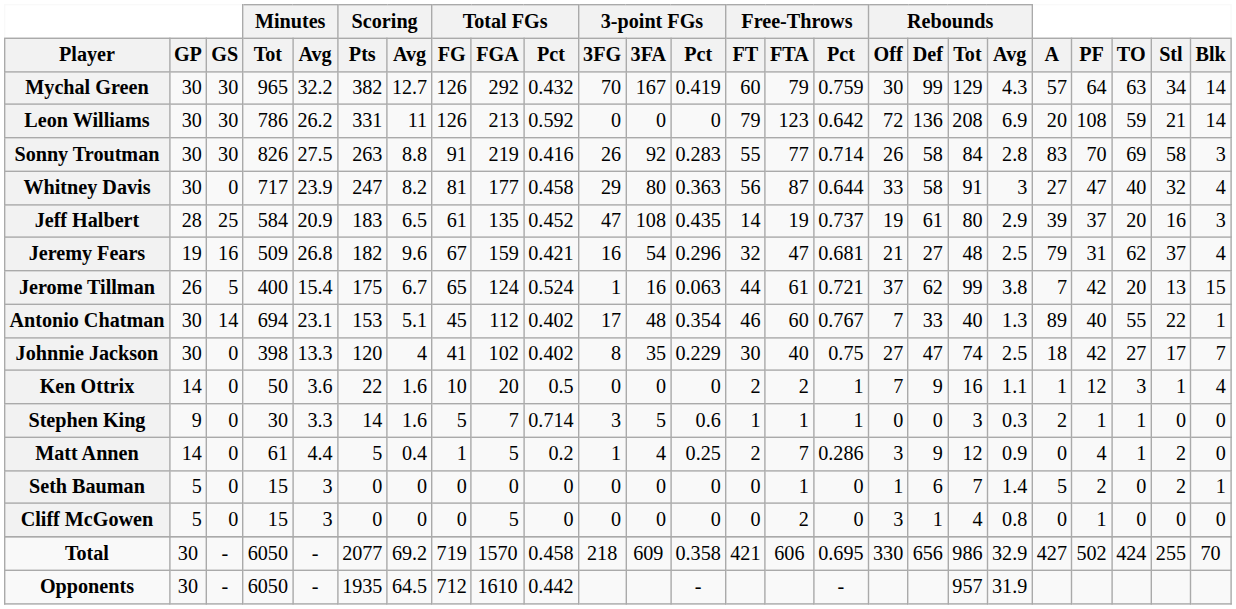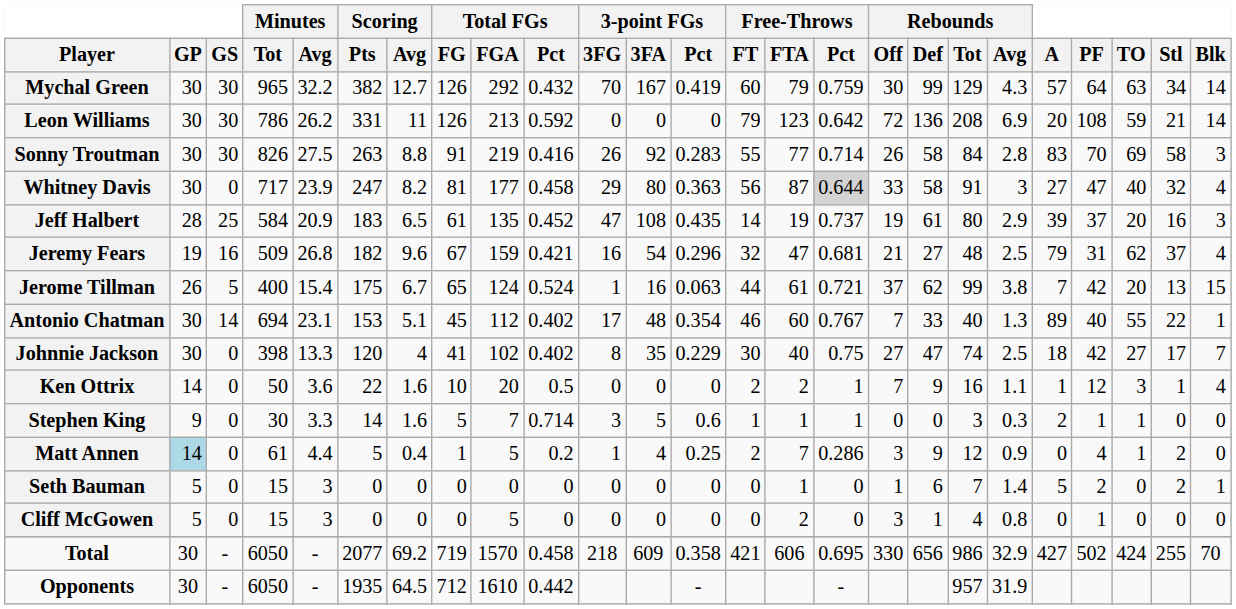 <table class="wikitable sortable" border="1" style="font-size:90%;">
 <tr>
 <th colspan="3" style="border-top-style:hidden; border-left-style:hidden; background: white;"></th>
 <th colspan="2" style=>Minutes</th>
 <th colspan="2" style=>Scoring</th>
 <th colspan="3" style=>Total FGs</th>
 <th colspan="3" style=>3-point FGs</th>
 <th colspan="3" style=>Free-Throws</th>
 <th colspan="4" style=>Rebounds</th>
 <th colspan="5" style="border-top-style:hidden; border-right-style:hidden; background: white;"></th>
 </tr>
 <tr>
 <th scope="col" style=>Player</th>
 <th scope="col" style=>GP</th>
 <th scope="col" style=>GS</th>
 <th scope="col" style=>Tot</th>
 <th scope="col" style=>Avg</th>
 <th scope="col" style=>Pts</th>
 <th scope="col" style=>Avg</th>
 <th scope="col" style=>FG</th>
 <th scope="col" style=>FGA</th>
 <th scope="col" style=>Pct</th>
 <th scope="col" style=>3FG</th>
 <th scope="col" style=>3FA</th>
 <th scope="col" style=>Pct</th>
 <th scope="col" style=>FT</th>
 <th scope="col" style=>FTA</th>
 <th scope="col" style=>Pct</th>
 <th scope="col" style=>Off</th>
 <th scope="col" style=>Def</th>
 <th scope="col" style=>Tot</th>
 <th scope="col" style=>Avg</th>
 <th scope="col" style=>A</th>
 <th scope="col" style=>PF</th>
 <th scope="col" style=>TO</th>
 <th scope="col" style=>Stl</th>
 <th scope="col" style=>Blk</th>
 </tr>
 <tr>
 <th>Mychal Green</th>
 <td align="right">30</td>
 <td align="right">30</td>
 <td align="right">965</td>
 <td align="right">32.2</td>
 <td align="right">382</td>
 <td align="right">12.7</td>
 <td align="right">126</td>
 <td align="right">292</td>
 <td align="right">0.432</td>
 <td align="right">70</td>
 <td align="right">167</td>
 <td align="right">0.419</td>
 <td align="right">60</td>
 <td align="right">79</td>
 <td align="right">0.759</td>
 <td align="right">30</td>
 <td align="right">99</td>
 <td align="right">129</td>
 <td align="right">4.3</td>
 <td align="right">57</td>
 <td align="right">64</td>
 <td align="right">63</td>
 <td align="right">34</td>
 <td align="right">14</td>
 </tr>
 <tr>
 <th>Leon Williams</th>
 <td align="right">30</td>
 <td align="right">30</td>
 <td align="right">786</td>
 <td align="right">26.2</td>
 <td align="right">331</td>
 <td align="right">11</td>
 <td align="right">126</td>
 <td align="right">213</td>
 <td align="right">0.592</td>
 <td align="right">0</td>
 <td align="right">0</td>
 <td align="right">0</td>
 <td align="right">79</td>
 <td align="right">123</td>
 <td align="right">0.642</td>
 <td align="right">72</td>
 <td align="right">136</td>
 <td align="right">208</td>
 <td align="right">6.9</td>
 <td align="right">20</td>
 <td align="right">108</td>
 <td align="right">59</td>
 <td align="right">21</td>
 <td align="right">14</td>
 </tr>
 <tr>
 <th>Sonny Troutman</th>
 <td align="right">30</td>
 <td align="right">30</td>
 <td align="right">826</td>
 <td align="right">27.5</td>
 <td align="right">263</td>
 <td align="right">8.8</td>
 <td align="right">91</td>
 <td align="right">219</td>
 <td align="right">0.416</td>
 <td align="right">26</td>
 <td align="right">92</td>
 <td align="right">0.283</td>
 <td align="right">55</td>
 <td align="right">77</td>
 <td align="right">0.714</td>
 <td align="right">26</td>
 <td align="right">58</td>
 <td align="right">84</td>
 <td align="right">2.8</td>
 <td align="right">83</td>
 <td align="right">70</td>
 <td align="right">69</td>
 <td align="right">58</td>
 <td align="right">3</td>
 </tr>
 <tr>
 <th>Whitney Davis</th>
 <td align="right">30</td>
 <td align="right">0</td>
 <td align="right">717</td>
 <td align="right">23.9</td>
 <td align="right">247</td>
 <td align="right">8.2</td>
 <td align="right">81</td>
 <td align="right">177</td>
 <td align="right">0.458</td>
 <td align="right">29</td>
 <td align="right">80</td>
 <td align="right">0.363</td>
 <td align="right">56</td>
 <td align="right">87</td>
-<td align="right">0.644</td>
+<td align="right" style="background: lightgrey;">0.644</td>
 <td align="right">33</td>
 <td align="right">58</td>
 <td align="right">91</td>
 <td align="right">3</td>
 <td align="right">27</td>
 <td align="right">47</td>
 <td align="right">40</td>
 <td align="right">32</td>
 <td align="right">4</td>
 </tr>
 <tr>
 <th>Jeff Halbert</th>
 <td align="right">28</td>
 <td align="right">25</td>
 <td align="right">584</td>
 <td align="right">20.9</td>
 <td align="right">183</td>
 <td align="right">6.5</td>
 <td align="right">61</td>
 <td align="right">135</td>
 <td align="right">0.452</td>
 <td align="right">47</td>
 <td align="right">108</td>
 <td align="right">0.435</td>
 <td align="right">14</td>
 <td align="right">19</td>
 <td align="right">0.737</td>
 <td align="right">19</td>
 <td align="right">61</td>
 <td align="right">80</td>
 <td align="right">2.9</td>
 <td align="right">39</td>
 <td align="right">37</td>
 <td align="right">20</td>
 <td align="right">16</td>
 <td align="right">3</td>
 </tr>
 <tr>
 <th>Jeremy Fears</th>
 <td align="right">19</td>
 <td align="right">16</td>
 <td align="right">509</td>
 <td align="right">26.8</td>
 <td align="right">182</td>
 <td align="right">9.6</td>
 <td align="right">67</td>
 <td align="right">159</td>
 <td align="right">0.421</td>
 <td align="right">16</td>
 <td align="right">54</td>
 <td align="right">0.296</td>
 <td align="right">32</td>
 <td align="right">47</td>
 <td align="right">0.681</td>
 <td align="right">21</td>
 <td align="right">27</td>
 <td align="right">48</td>
 <td align="right">2.5</td>
 <td align="right">79</td>
 <td align="right">31</td>
 <td align="right">62</td>
 <td align="right">37</td>
 <td align="right">4</td>
 </tr>
 <tr>
 <th>Jerome Tillman</th>
 <td align="right">26</td>
 <td align="right">5</td>
 <td align="right">400</td>
 <td align="right">15.4</td>
 <td align="right">175</td>
 <td align="right">6.7</td>
 <td align="right">65</td>
 <td align="right">124</td>
 <td align="right">0.524</td>
 <td align="right">1</td>
 <td align="right">16</td>
 <td align="right">0.063</td>
 <td align="right">44</td>
 <td align="right">61</td>
 <td align="right">0.721</td>
 <td align="right">37</td>
 <td align="right">62</td>
 <td align="right">99</td>
 <td align="right">3.8</td>
 <td align="right">7</td>
 <td align="right">42</td>
 <td align="right">20</td>
 <td align="right">13</td>
 <td align="right">15</td>
 </tr>
 <tr>
 <th>Antonio Chatman</th>
 <td align="right">30</td>
 <td align="right">14</td>
 <td align="right">694</td>
 <td align="right">23.1</td>
 <td align="right">153</td>
 <td align="right">5.1</td>
 <td align="right">45</td>
 <td align="right">112</td>
 <td align="right">0.402</td>
 <td align="right">17</td>
 <td align="right">48</td>
 <td align="right">0.354</td>
 <td align="right">46</td>
 <td align="right">60</td>
 <td align="right">0.767</td>
 <td align="right">7</td>
 <td align="right">33</td>
 <td align="right">40</td>
 <td align="right">1.3</td>
 <td align="right">89</td>
 <td align="right">40</td>
 <td align="right">55</td>
 <td align="right">22</td>
 <td align="right">1</td>
 </tr>
 <tr>
 <th>Johnnie Jackson</th>
 <td align="right">30</td>
 <td align="right">0</td>
 <td align="right">398</td>
 <td align="right">13.3</td>
 <td align="right">120</td>
 <td align="right">4</td>
 <td align="right">41</td>
 <td align="right">102</td>
 <td align="right">0.402</td>
 <td align="right">8</td>
 <td align="right">35</td>
 <td align="right">0.229</td>
 <td align="right">30</td>
 <td align="right">40</td>
 <td align="right">0.75</td>
 <td align="right">27</td>
 <td align="right">47</td>
 <td align="right">74</td>
 <td align="right">2.5</td>
 <td align="right">18</td>
 <td align="right">42</td>
 <td align="right">27</td>
 <td align="right">17</td>
 <td align="right">7</td>
 </tr>
 <tr>
 <th>Ken Ottrix</th>
 <td align="right">14</td>
 <td align="right">0</td>
 <td align="right">50</td>
 <td align="right">3.6</td>
 <td align="right">22</td>
 <td align="right">1.6</td>
 <td align="right">10</td>
 <td align="right">20</td>
 <td align="right">0.5</td>
 <td align="right">0</td>
 <td align="right">0</td>
 <td align="right">0</td>
 <td align="right">2</td>
 <td align="right">2</td>
 <td align="right">1</td>
 <td align="right">7</td>
 <td align="right">9</td>
 <td align="right">16</td>
 <td align="right">1.1</td>
 <td align="right">1</td>
 <td align="right">12</td>
 <td align="right">3</td>
 <td align="right">1</td>
 <td align="right">4</td>
 </tr>
 <tr>
 <th>Stephen King</th>
 <td align="right">9</td>
 <td align="right">0</td>
 <td align="right">30</td>
 <td align="right">3.3</td>
 <td align="right">14</td>
 <td align="right">1.6</td>
 <td align="right">5</td>
 <td align="right">7</td>
 <td align="right">0.714</td>
 <td align="right">3</td>
 <td align="right">5</td>
 <td align="right">0.6</td>
 <td align="right">1</td>
 <td align="right">1</td>
 <td align="right">1</td>
 <td align="right">0</td>
 <td align="right">0</td>
 <td align="right">3</td>
 <td align="right">0.3</td>
 <td align="right">2</td>
 <td align="right">1</td>
 <td align="right">1</td>
 <td align="right">0</td>
 <td align="right">0</td>
 </tr>
 <tr>
 <th>Matt Annen</th>
-<td align="right">14</td>
+<td align="right" style="background: lightblue;">14</td>
 <td align="right">0</td>
 <td align="right">61</td>
 <td align="right">4.4</td>
 <td align="right">5</td>
 <td align="right">0.4</td>
 <td align="right">1</td>
 <td align="right">5</td>
 <td align="right">0.2</td>
 <td align="right">1</td>
 <td align="right">4</td>
 <td align="right">0.25</td>
 <td align="right">2</td>
 <td align="right">7</td>
 <td align="right">0.286</td>
 <td align="right">3</td>
 <td align="right">9</td>
 <td align="right">12</td>
 <td align="right">0.9</td>
 <td align="right">0</td>
 <td align="right">4</td>
 <td align="right">1</td>
 <td align="right">2</td>
 <td align="right">0</td>
 </tr>
 <tr>
 <th>Seth Bauman</th>
 <td align="right">5</td>
 <td align="right">0</td>
 <td align="right">15</td>
 <td align="right">3</td>
 <td align="right">0</td>
 <td align="right">0</td>
 <td align="right">0</td>
 <td align="right">0</td>
 <td align="right">0</td>
 <td align="right">0</td>
 <td align="right">0</td>
 <td align="right">0</td>
 <td align="right">0</td>
 <td align="right">1</td>
 <td align="right">0</td>
 <td align="right">1</td>
 <td align="right">6</td>
 <td align="right">7</td>
 <td align="right">1.4</td>
 <td align="right">5</td>
 <td align="right">2</td>
 <td align="right">0</td>
 <td align="right">2</td>
 <td align="right">1</td>
 </tr>
 <tr>
 <th>Cliff McGowen</th>
 <td align="right">5</td>
 <td align="right">0</td>
 <td align="right">15</td>
 <td align="right">3</td>
 <td align="right">0</td>
 <td align="right">0</td>
 <td align="right">0</td>
 <td align="right">5</td>
 <td align="right">0</td>
 <td align="right">0</td>
 <td align="right">0</td>
 <td align="right">0</td>
 <td align="right">0</td>
 <td align="right">2</td>
 <td align="right">0</td>
 <td align="right">3</td>
 <td align="right">1</td>
 <td align="right">4</td>
 <td align="right">0.8</td>
 <td align="right">0</td>
 <td align="right">1</td>
 <td align="right">0</td>
 <td align="right">0</td>
 <td align="right">0</td>
 </tr>
 <tr>
 </tr>
 <tr class="sortbottom">
 <td align="center" style=><strong>Total</strong></td>
 <td align="center" style=>30</td>
 <td align="center" style=>-</td>
 <td align="center" style=>6050</td>
 <td align="center" style=>-</td>
 <td align="center" style=>2077</td>
 <td align="center" style=>69.2</td>
 <td align="center" style=>719</td>
 <td align="center" style=>1570</td>
 <td align="center" style=>0.458</td>
 <td align="center" style=>218</td>
 <td align="center" style=>609</td>
 <td align="center" style=>0.358</td>
 <td align="center" style=>421</td>
 <td align="center" style=>606</td>
 <td align="center" style=>0.695</td>
 <td align="center" style=>330</td>
 <td align="center" style=>656</td>
 <td align="center" style=>986</td>
 <td align="center" style=>32.9</td>
 <td align="center" style=>427</td>
 <td align="center" style=>502</td>
 <td align="center" style=>424</td>
 <td align="center" style=>255</td>
 <td align="center" style=>70</td>
 </tr>
 <tr class="sortbottom">
 <td align="center"><strong>Opponents</strong></td>
 <td align="center">30</td>
 <td align="center">-</td>
 <td align="center">6050</td>
 <td align="center">-</td>
 <td align="center">1935</td>
 <td align="center">64.5</td>
 <td align="center">712</td>
 <td align="center">1610</td>
 <td align="center">0.442</td>
 <td align="center"></td>
 <td align="center"></td>
 <td align="center">-</td>
 <td align="center"></td>
 <td align="center"></td>
 <td align="center">-</td>
 <td align="center"></td>
 <td align="center"></td>
 <td align="center">957</td>
 <td align="center">31.9</td>
 <td align="center"></td>
 <td align="center"></td>
 <td align="center"></td>
 <td align="center"></td>
 <td align="center"></td>
 </tr>
 </table>
